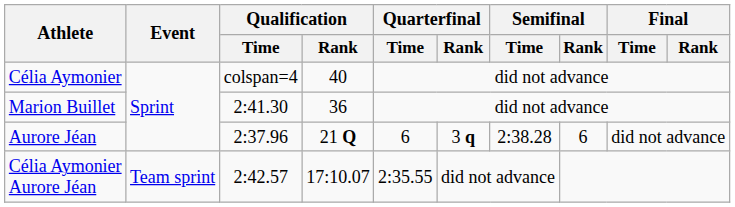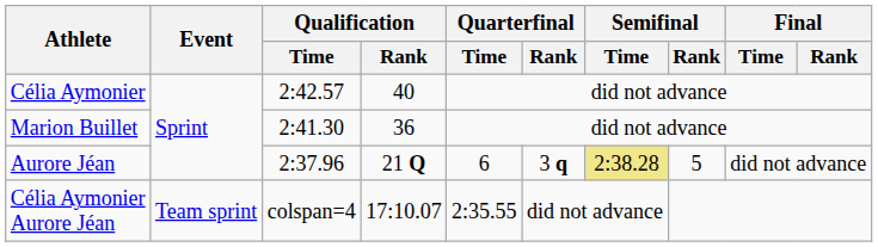 <table class="wikitable" style="font-size:90%">
 <tr>
 <th rowspan="2">Athlete</th>
 <th rowspan="2">Event</th>
 <th colspan="2">Qualification</th>
 <th colspan="2">Quarterfinal</th>
 <th colspan="2">Semifinal</th>
 <th colspan="2">Final</th>
 </tr>
 <tr style="font-size:95%">
 <th>Time</th>
 <th>Rank</th>
 <th>Time</th>
 <th>Rank</th>
 <th>Time</th>
 <th>Rank</th>
 <th>Time</th>
 <th>Rank</th>
 </tr>
 <tr align=center>
 <td align=left><a href='#'>Célia Aymonier</a></td>
 <td align=left rowspan=3><a href='#'>Sprint</a></td>
-<td>colspan=4 </td>
+<td>2:42.57</td>
 <td>40</td>
 <td colspan=6>did not advance</td>
 </tr>
 <tr align=center>
 <td align=left><a href='#'>Marion Buillet</a></td>
 <td>2:41.30</td>
 <td>36</td>
 <td colspan=6>did not advance</td>
 </tr>
 <tr align=center>
 <td align=left><a href='#'>Aurore Jéan</a></td>
 <td>2:37.96</td>
 <td>21 <strong>Q</strong></td>
 <td>6</td>
 <td>3 <strong>q</strong></td>
-<td>2:38.28</td>
-<td>6</td>
+<td style="background: khaki;">2:38.28</td>
+<td>5</td>
 <td colspan=2>did not advance</td>
 </tr>
 <tr align=center>
 <td align=left><a href='#'>Célia Aymonier</a><br><a href='#'>Aurore Jéan</a></td>
 <td align=left><a href='#'>Team sprint</a></td>
-<td>2:42.57</td>
+<td>colspan=4 </td>
 <td>17:10.07</td>
 <td>2:35.55</td>
 <td colspan=2>did not advance</td>
 </tr>
 </table>
